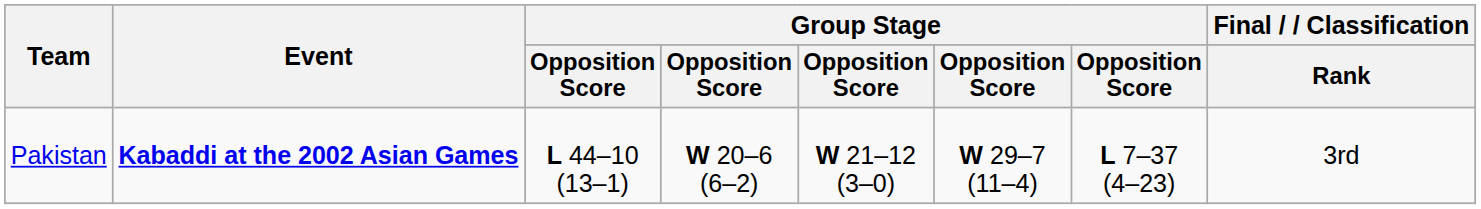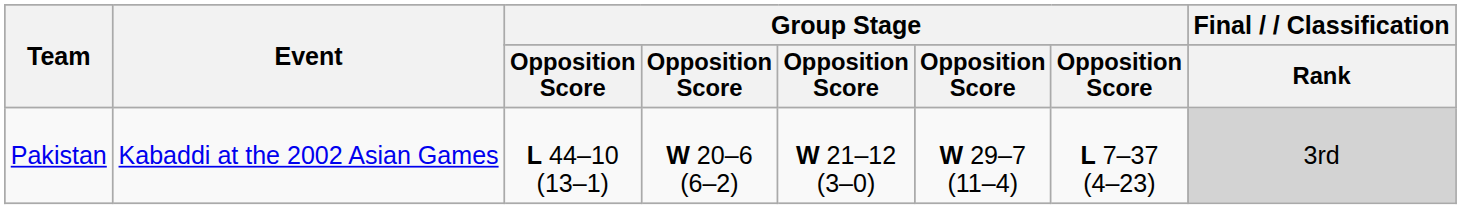 <table class="wikitable" style="font-size:90%;text-align:center">
 <tr>
 <th rowspan="2">Team</th>
 <th rowspan="2">Event</th>
 <th colspan="5">Group Stage</th>
 <th>Final / / Classification</th>
 </tr>
 <tr style="font-size:95%">
 <th>Opposition<br>Score</th>
 <th>Opposition<br>Score</th>
 <th>Opposition<br>Score</th>
 <th>Opposition<br>Score</th>
 <th>Opposition<br>Score</th>
 <th>Rank</th>
 </tr>
 <tr>
 <td align="left"><a href='#'>Pakistan</a></td>
-<td align="left"><strong><a href='#'>Kabaddi at the 2002 Asian Games</a></strong></td>
+<td align="left"><a href='#'>Kabaddi at the 2002 Asian Games</a></td>
 <td><br><strong>L</strong> 44–10<br>(13–1)</td>
 <td><br><strong>W</strong> 20–6<br>(6–2)</td>
 <td><br><strong>W</strong> 21–12<br>(3–0)</td>
 <td><br><strong>W</strong> 29–7<br>(11–4)</td>
 <td><br><strong>L</strong> 7–37<br>(4–23)</td>
-<td>3rd</td>
+<td style="background: lightgrey;">3rd</td>
 </tr>
 </table>
